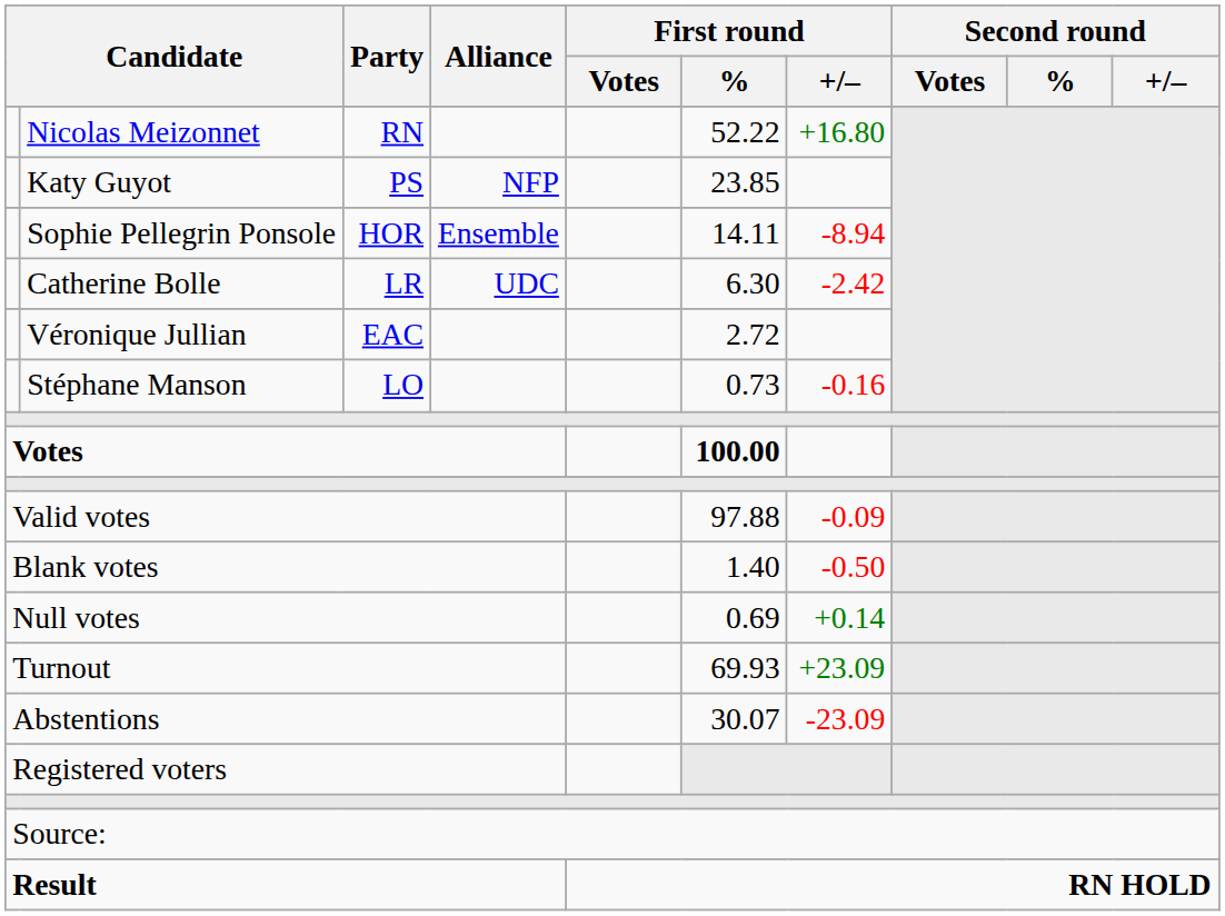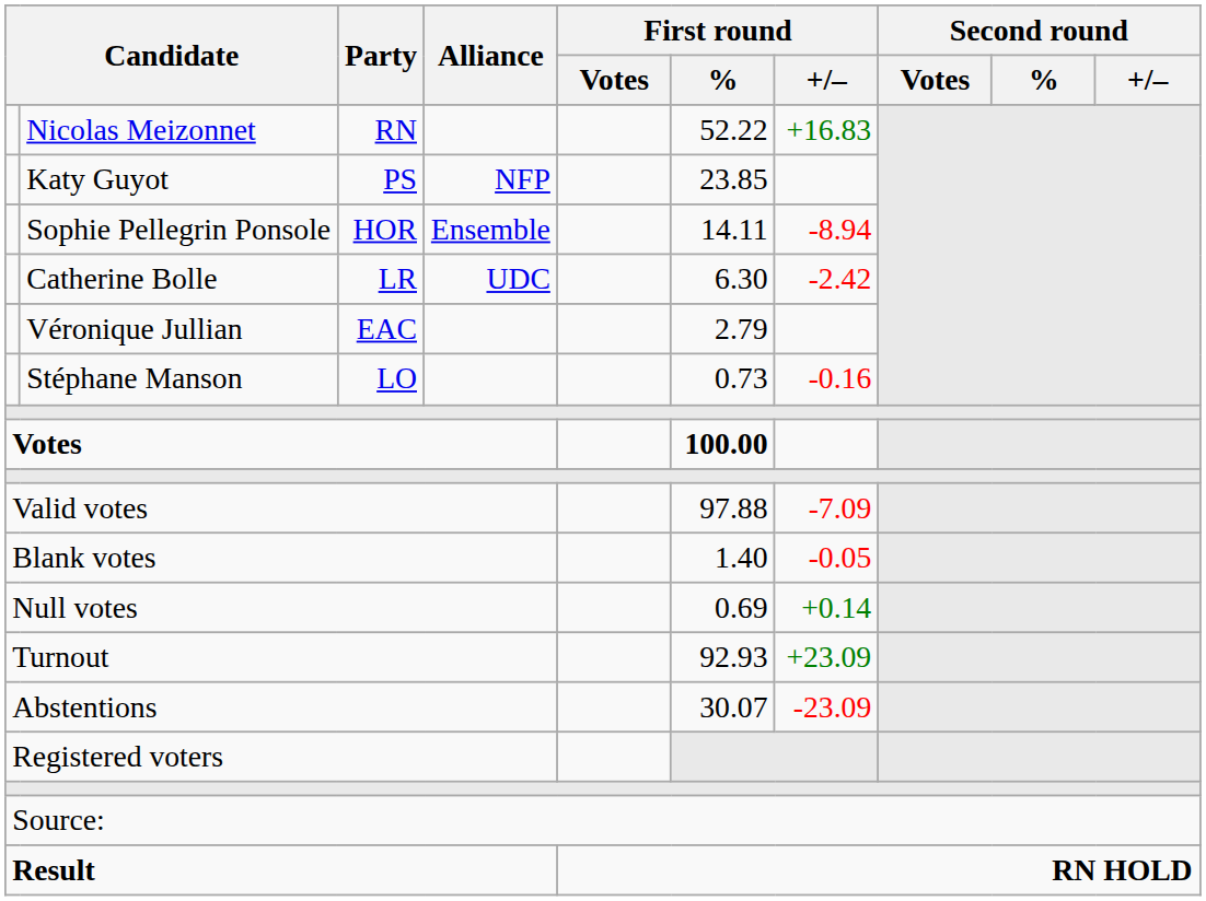 <table class="wikitable" style="text-align:right;font-size:95%;">
 <tr>
 <th rowspan="2" colspan="2">Candidate</th>
 <th colspan="1" rowspan="2">Party</th>
 <th colspan="1" rowspan="2">Alliance</th>
 <th colspan="3">First round</th>
 <th colspan="3">Second round</th>
 </tr>
 <tr>
 <th style="width:50px;">Votes</th>
 <th style="width:45px;">%</th>
 <th style="width:45px;">+/–</th>
 <th style="width:50px;">Votes</th>
 <th style="width:45px;">%</th>
 <th style="width:45px;">+/–</th>
 </tr>
 <tr>
 <td style="color:inherit;background:"></td>
 <td style="text-align:left;"><a href='#'>Nicolas Meizonnet</a></td>
 <td><a href='#'>RN</a></td>
 <td></td>
 <td></td>
 <td>52.22</td>
-<td style="color:green;">+16.80</td>
+<td style="color:green;">+16.83</td>
 <td colspan="3" rowspan="6" style="background:#E9E9E9;"></td>
 </tr>
 <tr>
 <td style="color:inherit;background:"></td>
 <td style="text-align:left;">Katy Guyot</td>
 <td><a href='#'>PS</a></td>
 <td><a href='#'>NFP</a></td>
 <td></td>
 <td>23.85</td>
 <td style="color:grey;"></td>
 </tr>
 <tr>
 <td style="color:inherit;background:"></td>
 <td style="text-align:left;">Sophie Pellegrin Ponsole</td>
 <td><a href='#'>HOR</a></td>
 <td><a href='#'>Ensemble</a></td>
 <td></td>
 <td>14.11</td>
 <td style="color:red;">-8.94</td>
 </tr>
 <tr>
 <td style="color:inherit;background:"></td>
 <td style="text-align:left;">Catherine Bolle</td>
 <td><a href='#'>LR</a></td>
 <td><a href='#'>UDC</a></td>
 <td></td>
 <td>6.30</td>
 <td style="color:red;">-2.42</td>
 </tr>
 <tr>
 <td style="color:inherit;background:"></td>
 <td style="text-align:left;">Véronique Jullian</td>
 <td><a href='#'>EAC</a></td>
 <td></td>
 <td></td>
-<td>2.72</td>
+<td>2.79</td>
 <td style="color:grey;"></td>
 </tr>
 <tr>
 <td style="color:inherit;background:"></td>
 <td style="text-align:left;">Stéphane Manson</td>
 <td><a href='#'>LO</a></td>
 <td></td>
 <td></td>
 <td>0.73</td>
 <td style="color:red;">-0.16</td>
 </tr>
 <tr>
 <td colspan="10" style="background:#E9E9E9;"></td>
 </tr>
 <tr style="font-weight:bold;">
 <td colspan="4" style="text-align:left;">Votes</td>
 <td></td>
 <td>100.00</td>
 <td></td>
 <td colspan="3" rowspan="1" style="background:#E9E9E9;"></td>
 </tr>
 <tr>
 <td colspan="10" style="background:#E9E9E9;"></td>
 </tr>
 <tr>
 <td colspan="4" style="text-align:left;">Valid votes</td>
 <td></td>
 <td>97.88</td>
-<td style="color:red;">-0.09</td>
+<td style="color:red;">-7.09</td>
 <td colspan="3" rowspan="1" style="background:#E9E9E9;"></td>
 </tr>
 <tr>
 <td colspan="4" style="text-align:left;">Blank votes</td>
 <td></td>
 <td>1.40</td>
-<td style="color:red;">-0.50</td>
+<td style="color:red;">-0.05</td>
 <td colspan="3" rowspan="1" style="background:#E9E9E9;"></td>
 </tr>
 <tr>
 <td colspan="4" style="text-align:left;">Null votes</td>
 <td></td>
 <td>0.69</td>
 <td style="color:green;">+0.14</td>
 <td colspan="3" rowspan="1" style="background:#E9E9E9;"></td>
 </tr>
 <tr>
 <td colspan="4" style="text-align:left;">Turnout</td>
 <td></td>
-<td>69.93</td>
+<td>92.93</td>
 <td style="color:green;">+23.09</td>
 <td colspan="3" rowspan="1" style="background:#E9E9E9;"></td>
 </tr>
 <tr>
 <td colspan="4" style="text-align:left;">Abstentions</td>
 <td></td>
 <td>30.07</td>
 <td style="color:red;">-23.09</td>
 <td colspan="3" rowspan="1" style="background:#E9E9E9;"></td>
 </tr>
 <tr>
 <td colspan="4" style="text-align:left;">Registered voters</td>
 <td></td>
 <td colspan="2" style="background:#E9E9E9;"></td>
 <td colspan="3" rowspan="1" style="background:#E9E9E9;"></td>
 </tr>
 <tr>
 <td colspan="10" style="background:#E9E9E9;"></td>
 </tr>
 <tr>
 <td colspan="10" style="text-align:left;">Source: </td>
 </tr>
 <tr style="font-weight:bold">
 <td colspan="4" style="text-align:left;">Result</td>
 <td colspan="6" style="background-color:">RN HOLD</td>
 </tr>
 </table>
